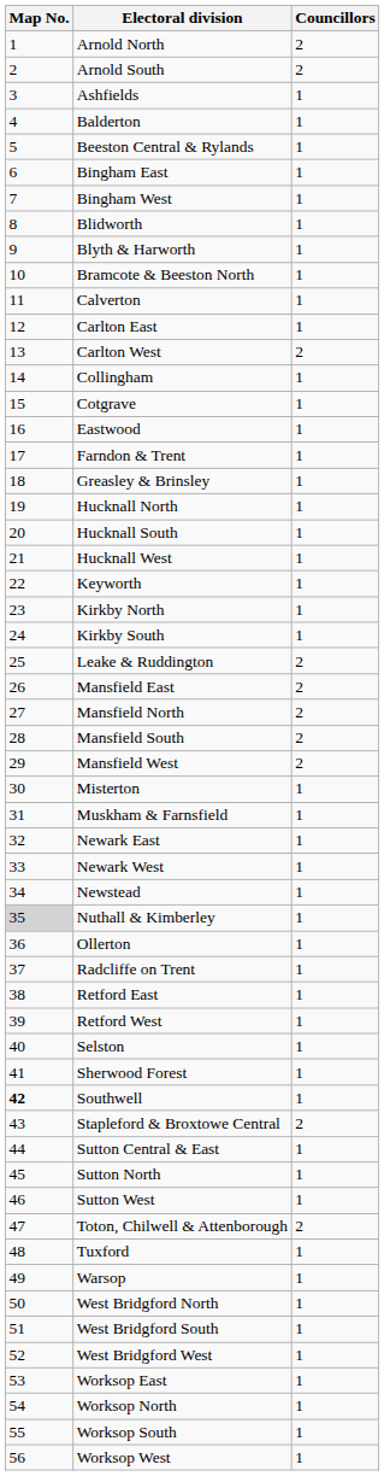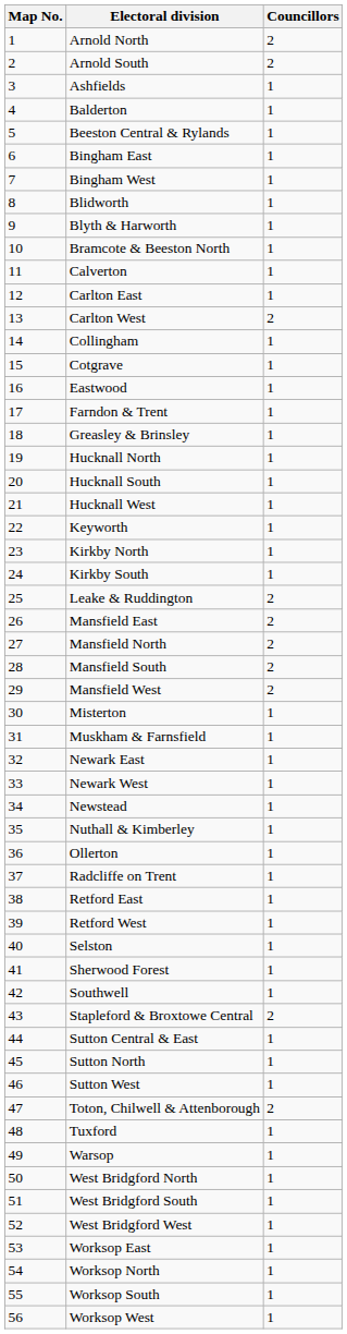 <table class="wikitable sortable">
 <tr>
 <th>Map No.</th>
 <th>Electoral division</th>
 <th>Councillors</th>
 </tr>
 <tr>
 <td>1</td>
 <td>Arnold North</td>
 <td>2</td>
 </tr>
 <tr>
 <td>2</td>
 <td>Arnold South</td>
 <td>2</td>
 </tr>
 <tr>
 <td>3</td>
 <td>Ashfields</td>
 <td>1</td>
 </tr>
 <tr>
 <td>4</td>
 <td>Balderton</td>
 <td>1</td>
 </tr>
 <tr>
 <td>5</td>
 <td>Beeston Central & Rylands</td>
 <td>1</td>
 </tr>
 <tr>
 <td>6</td>
 <td>Bingham East</td>
 <td>1</td>
 </tr>
 <tr>
 <td>7</td>
 <td>Bingham West</td>
 <td>1</td>
 </tr>
 <tr>
 <td>8</td>
 <td>Blidworth</td>
 <td>1</td>
 </tr>
 <tr>
 <td>9</td>
 <td>Blyth & Harworth</td>
 <td>1</td>
 </tr>
 <tr>
 <td>10</td>
 <td>Bramcote & Beeston North</td>
 <td>1</td>
 </tr>
 <tr>
 <td>11</td>
 <td>Calverton</td>
 <td>1</td>
 </tr>
 <tr>
 <td>12</td>
 <td>Carlton East</td>
 <td>1</td>
 </tr>
 <tr>
 <td>13</td>
 <td>Carlton West</td>
 <td>2</td>
 </tr>
 <tr>
 <td>14</td>
 <td>Collingham</td>
 <td>1</td>
 </tr>
 <tr>
 <td>15</td>
 <td>Cotgrave</td>
 <td>1</td>
 </tr>
 <tr>
 <td>16</td>
 <td>Eastwood</td>
 <td>1</td>
 </tr>
 <tr>
 <td>17</td>
 <td>Farndon & Trent</td>
 <td>1</td>
 </tr>
 <tr>
 <td>18</td>
 <td>Greasley & Brinsley</td>
 <td>1</td>
 </tr>
 <tr>
 <td>19</td>
 <td>Hucknall North</td>
 <td>1</td>
 </tr>
 <tr>
 <td>20</td>
 <td>Hucknall South</td>
 <td>1</td>
 </tr>
 <tr>
 <td>21</td>
 <td>Hucknall West</td>
 <td>1</td>
 </tr>
 <tr>
 <td>22</td>
 <td>Keyworth</td>
 <td>1</td>
 </tr>
 <tr>
 <td>23</td>
 <td>Kirkby North</td>
 <td>1</td>
 </tr>
 <tr>
 <td>24</td>
 <td>Kirkby South</td>
 <td>1</td>
 </tr>
 <tr>
 <td>25</td>
 <td>Leake & Ruddington</td>
 <td>2</td>
 </tr>
 <tr>
 <td>26</td>
 <td>Mansfield East</td>
 <td>2</td>
 </tr>
 <tr>
 <td>27</td>
 <td>Mansfield North</td>
 <td>2</td>
 </tr>
 <tr>
 <td>28</td>
 <td>Mansfield South</td>
 <td>2</td>
 </tr>
 <tr>
 <td>29</td>
 <td>Mansfield West</td>
 <td>2</td>
 </tr>
 <tr>
 <td>30</td>
 <td>Misterton</td>
 <td>1</td>
 </tr>
 <tr>
 <td>31</td>
 <td>Muskham & Farnsfield</td>
 <td>1</td>
 </tr>
 <tr>
 <td>32</td>
 <td>Newark East</td>
 <td>1</td>
 </tr>
 <tr>
 <td>33</td>
 <td>Newark West</td>
 <td>1</td>
 </tr>
 <tr>
 <td>34</td>
 <td>Newstead</td>
 <td>1</td>
 </tr>
 <tr>
-<td style="background: lightgrey;">35</td>
+<td>35</td>
 <td>Nuthall & Kimberley</td>
 <td>1</td>
 </tr>
 <tr>
 <td>36</td>
 <td>Ollerton</td>
 <td>1</td>
 </tr>
 <tr>
 <td>37</td>
 <td>Radcliffe on Trent</td>
 <td>1</td>
 </tr>
 <tr>
 <td>38</td>
 <td>Retford East</td>
 <td>1</td>
 </tr>
 <tr>
 <td>39</td>
 <td>Retford West</td>
 <td>1</td>
 </tr>
 <tr>
 <td>40</td>
 <td>Selston</td>
 <td>1</td>
 </tr>
 <tr>
 <td>41</td>
 <td>Sherwood Forest</td>
 <td>1</td>
 </tr>
 <tr>
-<td><strong>42</strong></td>
+<td>42</td>
 <td>Southwell</td>
 <td>1</td>
 </tr>
 <tr>
 <td>43</td>
 <td>Stapleford & Broxtowe Central</td>
 <td>2</td>
 </tr>
 <tr>
 <td>44</td>
 <td>Sutton Central & East</td>
 <td>1</td>
 </tr>
 <tr>
 <td>45</td>
 <td>Sutton North</td>
 <td>1</td>
 </tr>
 <tr>
 <td>46</td>
 <td>Sutton West</td>
 <td>1</td>
 </tr>
 <tr>
 <td>47</td>
 <td>Toton, Chilwell & Attenborough</td>
 <td>2</td>
 </tr>
 <tr>
 <td>48</td>
 <td>Tuxford</td>
 <td>1</td>
 </tr>
 <tr>
 <td>49</td>
 <td>Warsop</td>
 <td>1</td>
 </tr>
 <tr>
 <td>50</td>
 <td>West Bridgford North</td>
 <td>1</td>
 </tr>
 <tr>
 <td>51</td>
 <td>West Bridgford South</td>
 <td>1</td>
 </tr>
 <tr>
 <td>52</td>
 <td>West Bridgford West</td>
 <td>1</td>
 </tr>
 <tr>
 <td>53</td>
 <td>Worksop East</td>
 <td>1</td>
 </tr>
 <tr>
 <td>54</td>
 <td>Worksop North</td>
 <td>1</td>
 </tr>
 <tr>
 <td>55</td>
 <td>Worksop South</td>
 <td>1</td>
 </tr>
 <tr>
 <td>56</td>
 <td>Worksop West</td>
 <td>1</td>
 </tr>
 </table>
